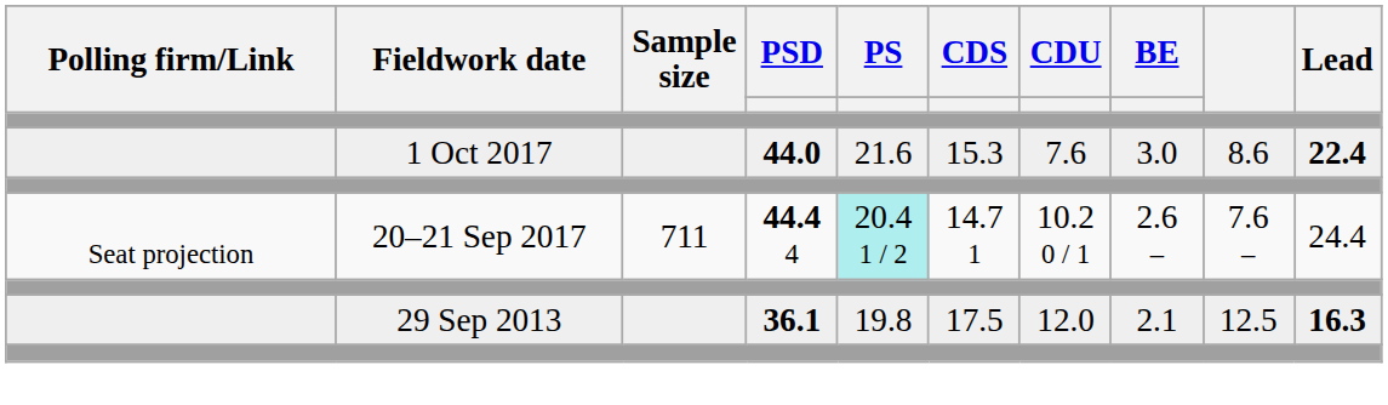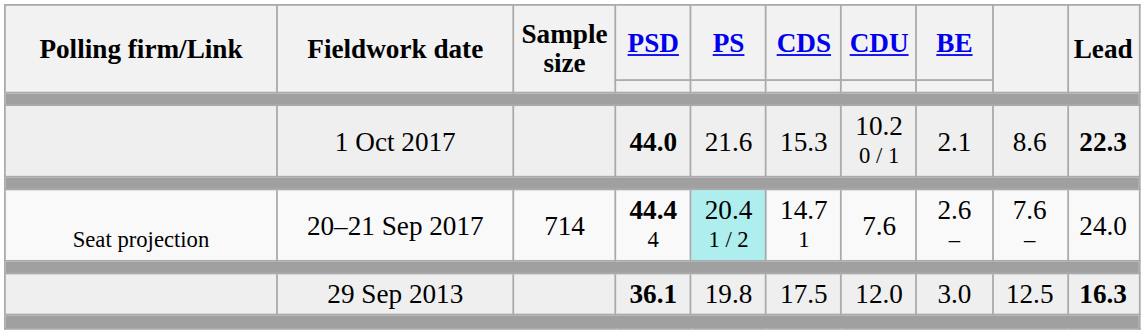 <table class="wikitable collapsible sortable" style="text-align:center; font-size:95%; line-height:16px;">
 <tr style="height:42px;">
 <th style="width:145px;" rowspan="2">Polling firm/Link</th>
 <th style="width:125px;" rowspan="2">Fieldwork date</th>
 <th class="unsortable" style="width:50px;" rowspan="2">Sample size</th>
 <th class="unsortable" style="width:35px;"><a href='#'>PSD</a></th>
 <th class="unsortable" style="width:35px;"><a href='#'>PS</a></th>
 <th class="unsortable" style="width:35px;"><a href='#'>CDS</a></th>
 <th class="unsortable" style="width:35px;"><a href='#'>CDU</a></th>
 <th class="unsortable" style="width:35px;"><a href='#'>BE</a></th>
 <th class="unsortable" style="width:35px;" rowspan="2"></th>
 <th class="unsortable" style="width:30px;" rowspan="2">Lead</th>
 </tr>
 <tr>
 <th class="unsortable" style="color:inherit;background:"></th>
 <th class="unsortable" style="color:inherit;background:"></th>
 <th class="unsortable" style="color:inherit;background:"></th>
 <th class="unsortable" style="color:inherit;background:"></th>
 <th class="unsortable" style="color:inherit;background:"></th>
 </tr>
 <tr>
 <td colspan="10" style="background:#A0A0A0"></td>
 </tr>
 <tr style="background:#EFEFEF;">
 <td><strong></strong></td>
 <td data-sort-value="2019-10-06">1 Oct 2017</td>
 <td></td>
 <td><strong>44.0</strong><br></td>
 <td>21.6<br></td>
 <td>15.3<br></td>
-<td>7.6<br></td>
-<td>3.0<br></td>
+<td align="center">10.2<br><small>0 / 1</small></td>
+<td>2.1<br></td>
 <td>8.6<br></td>
-<td style="background:"><strong>22.4</strong></td>
+<td style="background:"><strong>22.3</strong></td>
 </tr>
 <tr>
 <td colspan="10" style="background:#A0A0A0"></td>
 </tr>
 <tr>
 <td align="center"><br><small>Seat projection</small></td>
 <td align="center">20–21 Sep 2017</td>
-<td>711</td>
+<td>714</td>
 <td align="center" ><strong>44.4</strong><br><small>4</small></td>
 <td align="center" style="background: paleturquoise;">20.4<br><small>1 / 2</small></td>
 <td align="center">14.7<br><small>1</small></td>
-<td align="center">10.2<br><small>0 / 1</small></td>
+<td>7.6<br></td>
 <td align="center">2.6<br><small>–</small></td>
 <td align="center">7.6<br><small>–</small></td>
-<td style="background:">24.4</td>
+<td style="background:">24.0</td>
 </tr>
 <tr>
 <td colspan="10" style="background:#A0A0A0"></td>
 </tr>
 <tr style="background:#EFEFEF;">
 <td><strong></strong></td>
 <td data-sort-value="2019-10-06">29 Sep 2013</td>
 <td></td>
 <td><strong>36.1</strong><br></td>
 <td>19.8<br></td>
 <td>17.5<br></td>
 <td>12.0<br></td>
-<td>2.1<br></td>
+<td>3.0<br></td>
 <td>12.5<br></td>
 <td style="background:"><strong>16.3</strong></td>
 </tr>
 <tr>
 <td colspan="10" style="background:#A0A0A0"></td>
 </tr>
 </table>
